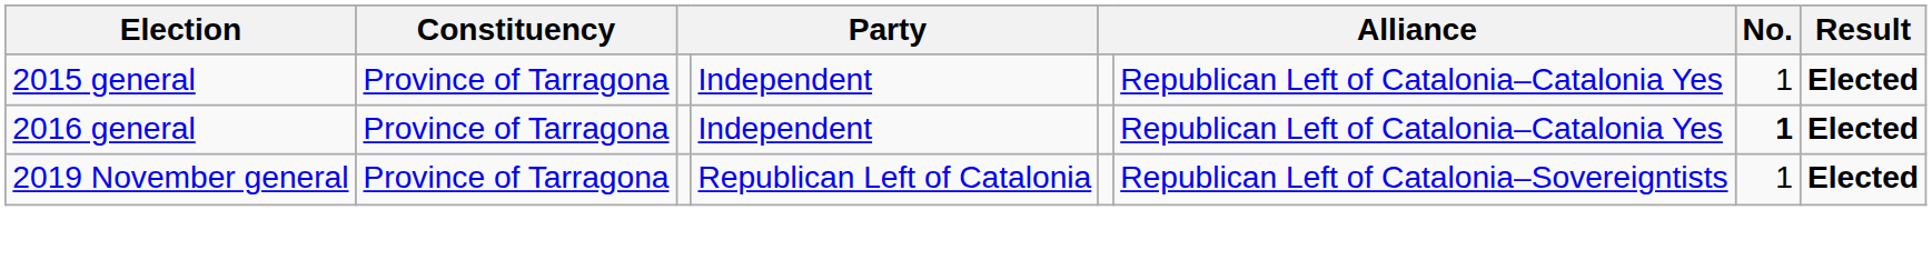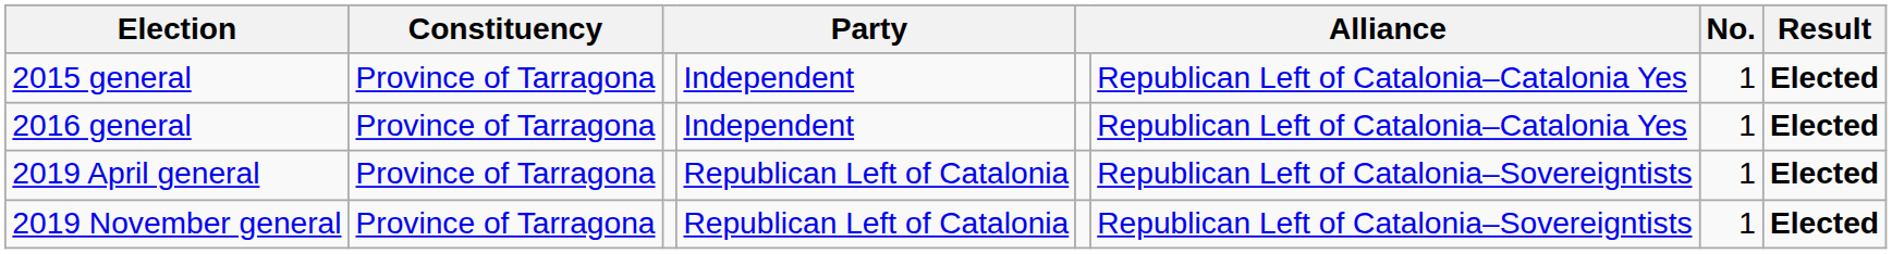 <table class="wikitable" style="text-align:left;">
 <tr>
 <th scope=col>Election</th>
 <th scope=col>Constituency</th>
 <th scope=col colspan="2">Party</th>
 <th scope=col colspan="2">Alliance</th>
 <th scope=col>No.</th>
 <th scope=col>Result</th>
 </tr>
 <tr>
 <td><a href='#'>2015 general</a></td>
 <td><a href='#'>Province of Tarragona</a></td>
 <td style="background:"></td>
 <td><a href='#'>Independent</a></td>
 <td style="background:"></td>
 <td><a href='#'>Republican Left of Catalonia–Catalonia Yes</a></td>
 <td align=right>1</td>
 <td><strong>Elected</strong></td>
 </tr>
 <tr>
 <td><a href='#'>2016 general</a></td>
 <td><a href='#'>Province of Tarragona</a></td>
 <td style="background:"></td>
 <td><a href='#'>Independent</a></td>
 <td style="background:"></td>
 <td><a href='#'>Republican Left of Catalonia–Catalonia Yes</a></td>
-<td align=right><strong>1</strong></td>
+<td align=right>1</td>
+<td><strong>Elected</strong></td>
+</tr>
+<tr>
+<td><a href='#'>2019 April general</a></td>
+<td><a href='#'>Province of Tarragona</a></td>
+<td style="background:"></td>
+<td><a href='#'>Republican Left of Catalonia</a></td>
+<td style="background:"></td>
+<td><a href='#'>Republican Left of Catalonia–Sovereigntists</a></td>
+<td align=right>1</td>
 <td><strong>Elected</strong></td>
 </tr>
 <tr>
 <td><a href='#'>2019 November general</a></td>
 <td><a href='#'>Province of Tarragona</a></td>
 <td style="background:"></td>
 <td><a href='#'>Republican Left of Catalonia</a></td>
 <td style="background:"></td>
 <td><a href='#'>Republican Left of Catalonia–Sovereigntists</a></td>
 <td align=right>1</td>
 <td><strong>Elected</strong></td>
 </tr>
 </table>
